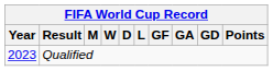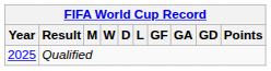 <table class="wikitable">
 <tr>
 <th colspan="10"><a href='#'>FIFA World Cup Record</a></th>
 </tr>
 <tr>
 <th>Year</th>
 <th>Result</th>
 <th>M</th>
 <th>W</th>
 <th>D</th>
 <th>L</th>
 <th>GF</th>
 <th>GA</th>
 <th>GD</th>
 <th>Points</th>
 </tr>
 <tr>
-<td> <a href='#'>2023</a></td>
+<td> <a href='#'>2025</a></td>
 <td colspan="9"><em>Qualified</em></td>
 </tr>
 </table>
